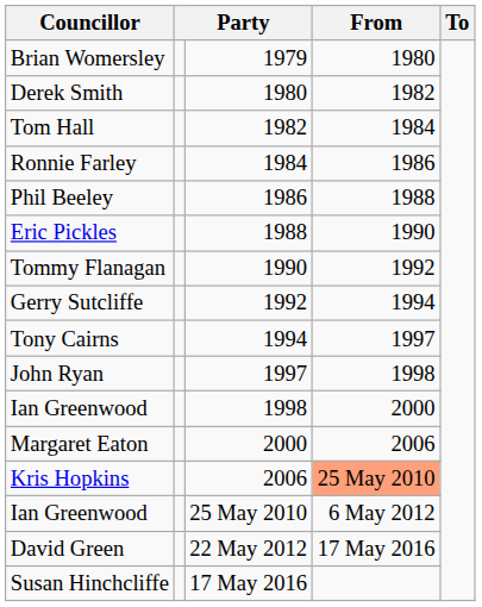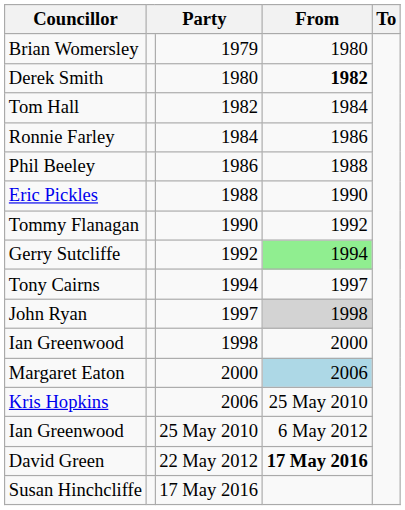 <table class=wikitable>
 <tr>
 <th>Councillor</th>
 <th colspan=2>Party</th>
 <th>From</th>
 <th>To</th>
 </tr>
 <tr>
 <td>Brian Womersley</td>
 <td></td>
 <td align=right>1979</td>
 <td align=right>1980</td>
 </tr>
 <tr>
 <td>Derek Smith</td>
 <td></td>
 <td align=right>1980</td>
-<td align=right>1982</td>
+<td align=right><strong>1982</strong></td>
 </tr>
 <tr>
 <td>Tom Hall</td>
 <td></td>
 <td align=right>1982</td>
 <td align=right>1984</td>
 </tr>
 <tr>
 <td>Ronnie Farley</td>
 <td></td>
 <td align=right>1984</td>
 <td align=right>1986</td>
 </tr>
 <tr>
 <td>Phil Beeley</td>
 <td></td>
 <td align=right>1986</td>
 <td align=right>1988</td>
 </tr>
 <tr>
 <td><a href='#'>Eric Pickles</a></td>
 <td></td>
 <td align=right>1988</td>
 <td align=right>1990</td>
 </tr>
 <tr>
 <td>Tommy Flanagan</td>
 <td></td>
 <td align=right>1990</td>
 <td align=right>1992</td>
 </tr>
 <tr>
 <td>Gerry Sutcliffe</td>
 <td></td>
 <td align=right>1992</td>
-<td align=right>1994</td>
+<td align=right style="background: lightgreen;">1994</td>
 </tr>
 <tr>
 <td>Tony Cairns</td>
 <td></td>
 <td align=right>1994</td>
 <td align=right>1997</td>
 </tr>
 <tr>
 <td>John Ryan</td>
 <td></td>
 <td align=right>1997</td>
-<td align=right>1998</td>
+<td align=right style="background: lightgrey;">1998</td>
 </tr>
 <tr>
 <td>Ian Greenwood</td>
 <td></td>
 <td align=right>1998</td>
 <td align=right>2000</td>
 </tr>
 <tr>
 <td>Margaret Eaton</td>
 <td></td>
 <td align=right>2000</td>
-<td align=right>2006</td>
+<td align=right style="background: lightblue;">2006</td>
 </tr>
 <tr>
 <td><a href='#'>Kris Hopkins</a></td>
 <td></td>
 <td align=right>2006</td>
-<td align=right style="background: lightsalmon;">25 May 2010</td>
+<td align=right>25 May 2010</td>
 </tr>
 <tr>
 <td>Ian Greenwood</td>
 <td></td>
 <td align=right>25 May 2010</td>
 <td align=right>6 May 2012</td>
 </tr>
 <tr>
 <td>David Green</td>
 <td></td>
 <td align=right>22 May 2012</td>
-<td align=right>17 May 2016</td>
+<td align=right><strong>17 May 2016</strong></td>
 </tr>
 <tr>
 <td>Susan Hinchcliffe</td>
 <td></td>
 <td align=right>17 May 2016</td>
 <td align=right></td>
 </tr>
 </table>
